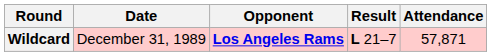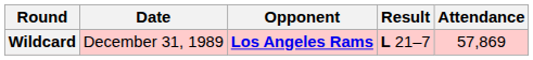 <table class="wikitable" style="text-align:center">
 <tr>
 <th>Round</th>
 <th>Date</th>
 <th>Opponent</th>
 <th>Result</th>
 <th>Attendance</th>
 </tr>
 <tr style="background:#fcc">
 <th>Wildcard</th>
 <td>December 31, 1989</td>
 <td><strong><a href='#'>Los Angeles Rams</a></strong></td>
 <td><strong>L</strong> 21–7</td>
-<td>57,871</td>
+<td>57,869</td>
 </tr>
 </table>
